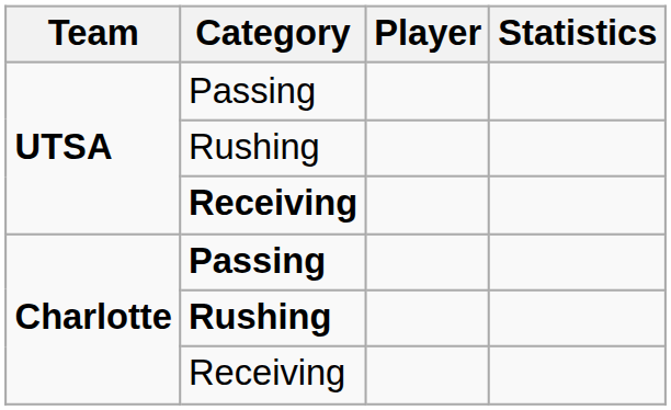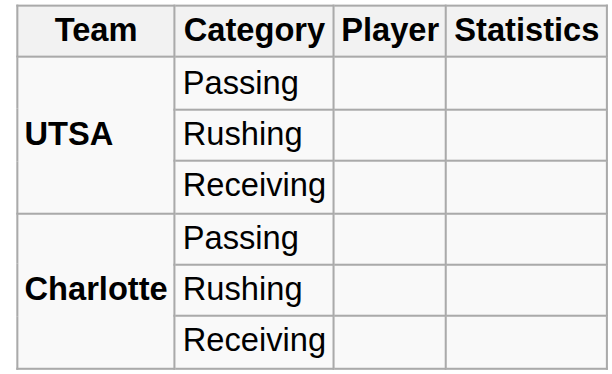 <table class="wikitable" style="float: right;">
 <tr>
 <th>Team</th>
 <th>Category</th>
 <th>Player</th>
 <th>Statistics</th>
 </tr>
 <tr>
 <td rowspan=3><strong>UTSA</strong></td>
 <td>Passing</td>
 <td></td>
 <td></td>
 </tr>
 <tr>
 <td>Rushing</td>
 <td></td>
 <td></td>
 </tr>
 <tr>
-<td><strong>Receiving</strong></td>
+<td>Receiving</td>
 <td></td>
 <td></td>
 </tr>
 <tr>
 <td rowspan=3><strong>Charlotte</strong></td>
-<td><strong>Passing</strong></td>
+<td>Passing</td>
 <td></td>
 <td></td>
 </tr>
 <tr>
-<td><strong>Rushing</strong></td>
+<td>Rushing</td>
 <td></td>
 <td></td>
 </tr>
 <tr>
 <td>Receiving</td>
 <td></td>
 <td></td>
 </tr>
 </table>
